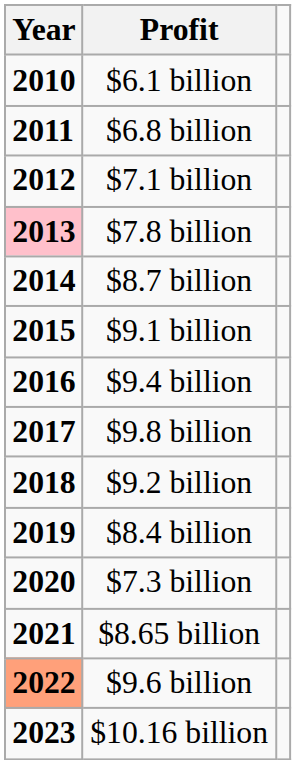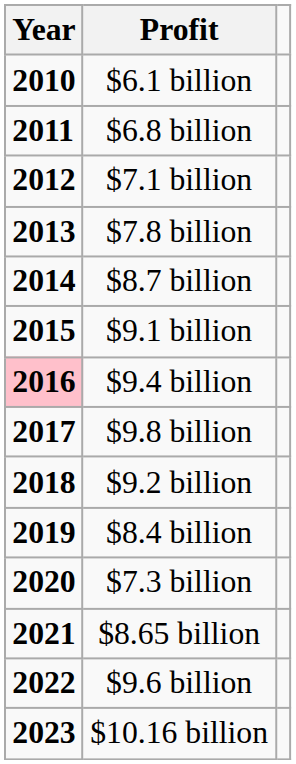 <table class="wikitable">
 <tr>
 <th>Year</th>
 <th>Profit</th>
 </tr>
 <tr>
 <td><strong>2010</strong></td>
 <td style="text-align:center;"> $6.1 billion</td>
 <td></td>
 </tr>
 <tr>
 <td><strong>2011</strong></td>
 <td style="text-align:center;"> $6.8 billion</td>
 <td></td>
 </tr>
 <tr>
 <td><strong>2012</strong></td>
 <td style="text-align:center;"> $7.1 billion</td>
 <td></td>
 </tr>
 <tr>
-<td style="background: pink;"><strong>2013</strong></td>
+<td><strong>2013</strong></td>
 <td style="text-align:center;"> $7.8 billion</td>
 <td></td>
 </tr>
 <tr>
 <td><strong>2014</strong></td>
 <td style="text-align:center;"> $8.7 billion</td>
 <td></td>
 </tr>
 <tr>
 <td><strong>2015</strong></td>
 <td style="text-align:center;"> $9.1 billion</td>
 <td></td>
 </tr>
 <tr>
-<td><strong>2016</strong></td>
+<td style="background: pink;"><strong>2016</strong></td>
 <td style="text-align:center;"> $9.4 billion</td>
 <td></td>
 </tr>
 <tr>
 <td><strong>2017</strong></td>
 <td style="text-align:center;"> $9.8 billion</td>
 <td></td>
 </tr>
 <tr>
 <td><strong>2018</strong></td>
 <td style="text-align:center;"> $9.2 billion</td>
 <td></td>
 </tr>
 <tr>
 <td><strong>2019</strong></td>
 <td style="text-align:center;"> $8.4 billion</td>
 <td></td>
 </tr>
 <tr>
 <td><strong>2020</strong></td>
 <td style="text-align:center;"> $7.3 billion</td>
 <td></td>
 </tr>
 <tr>
 <td><strong>2021</strong></td>
 <td style="text-align:center;"> $8.65 billion</td>
 <td></td>
 </tr>
 <tr>
-<td style="background: lightsalmon;"><strong>2022</strong></td>
+<td><strong>2022</strong></td>
 <td style="text-align:center;"> $9.6 billion</td>
 <td></td>
 </tr>
 <tr>
 <td><strong>2023</strong></td>
 <td style="text-align:center;"> $10.16 billion</td>
 <td></td>
 </tr>
 </table>
